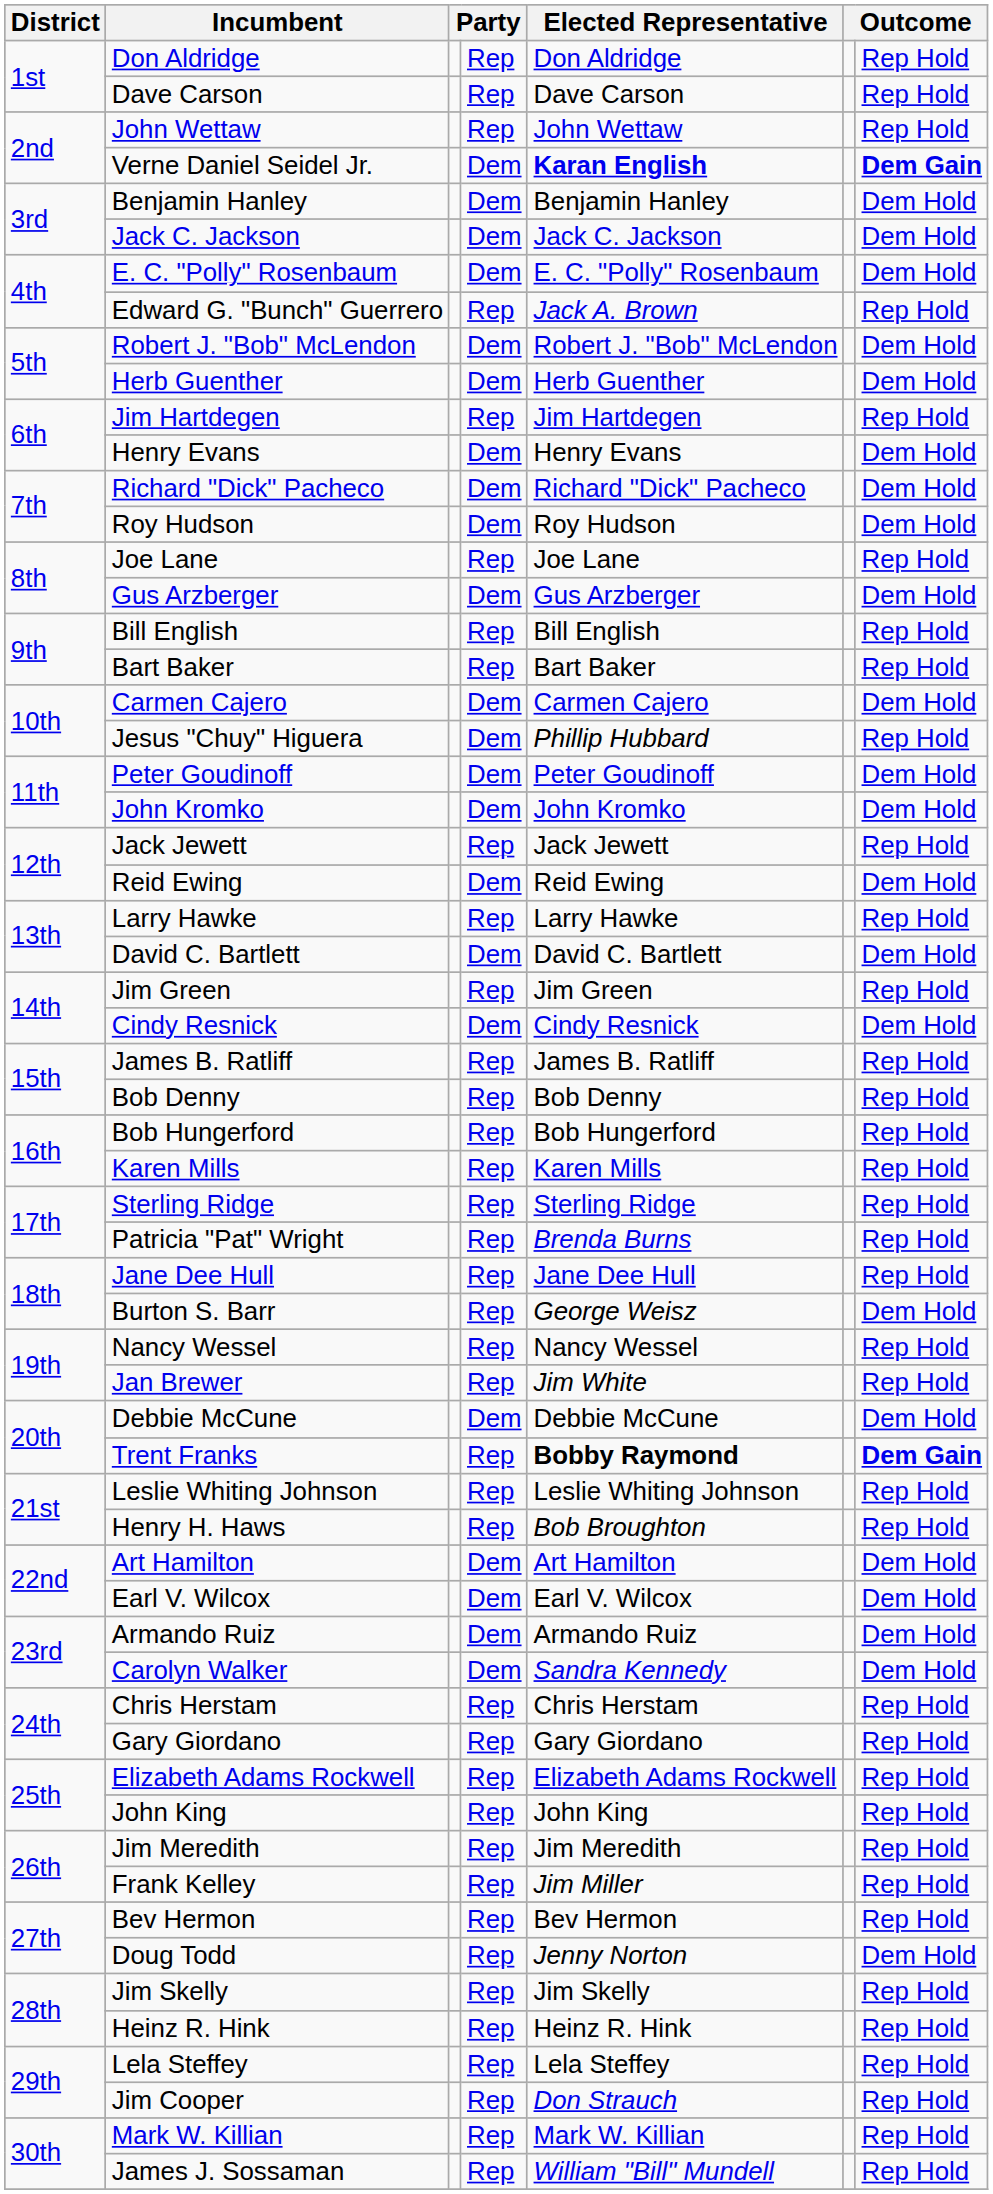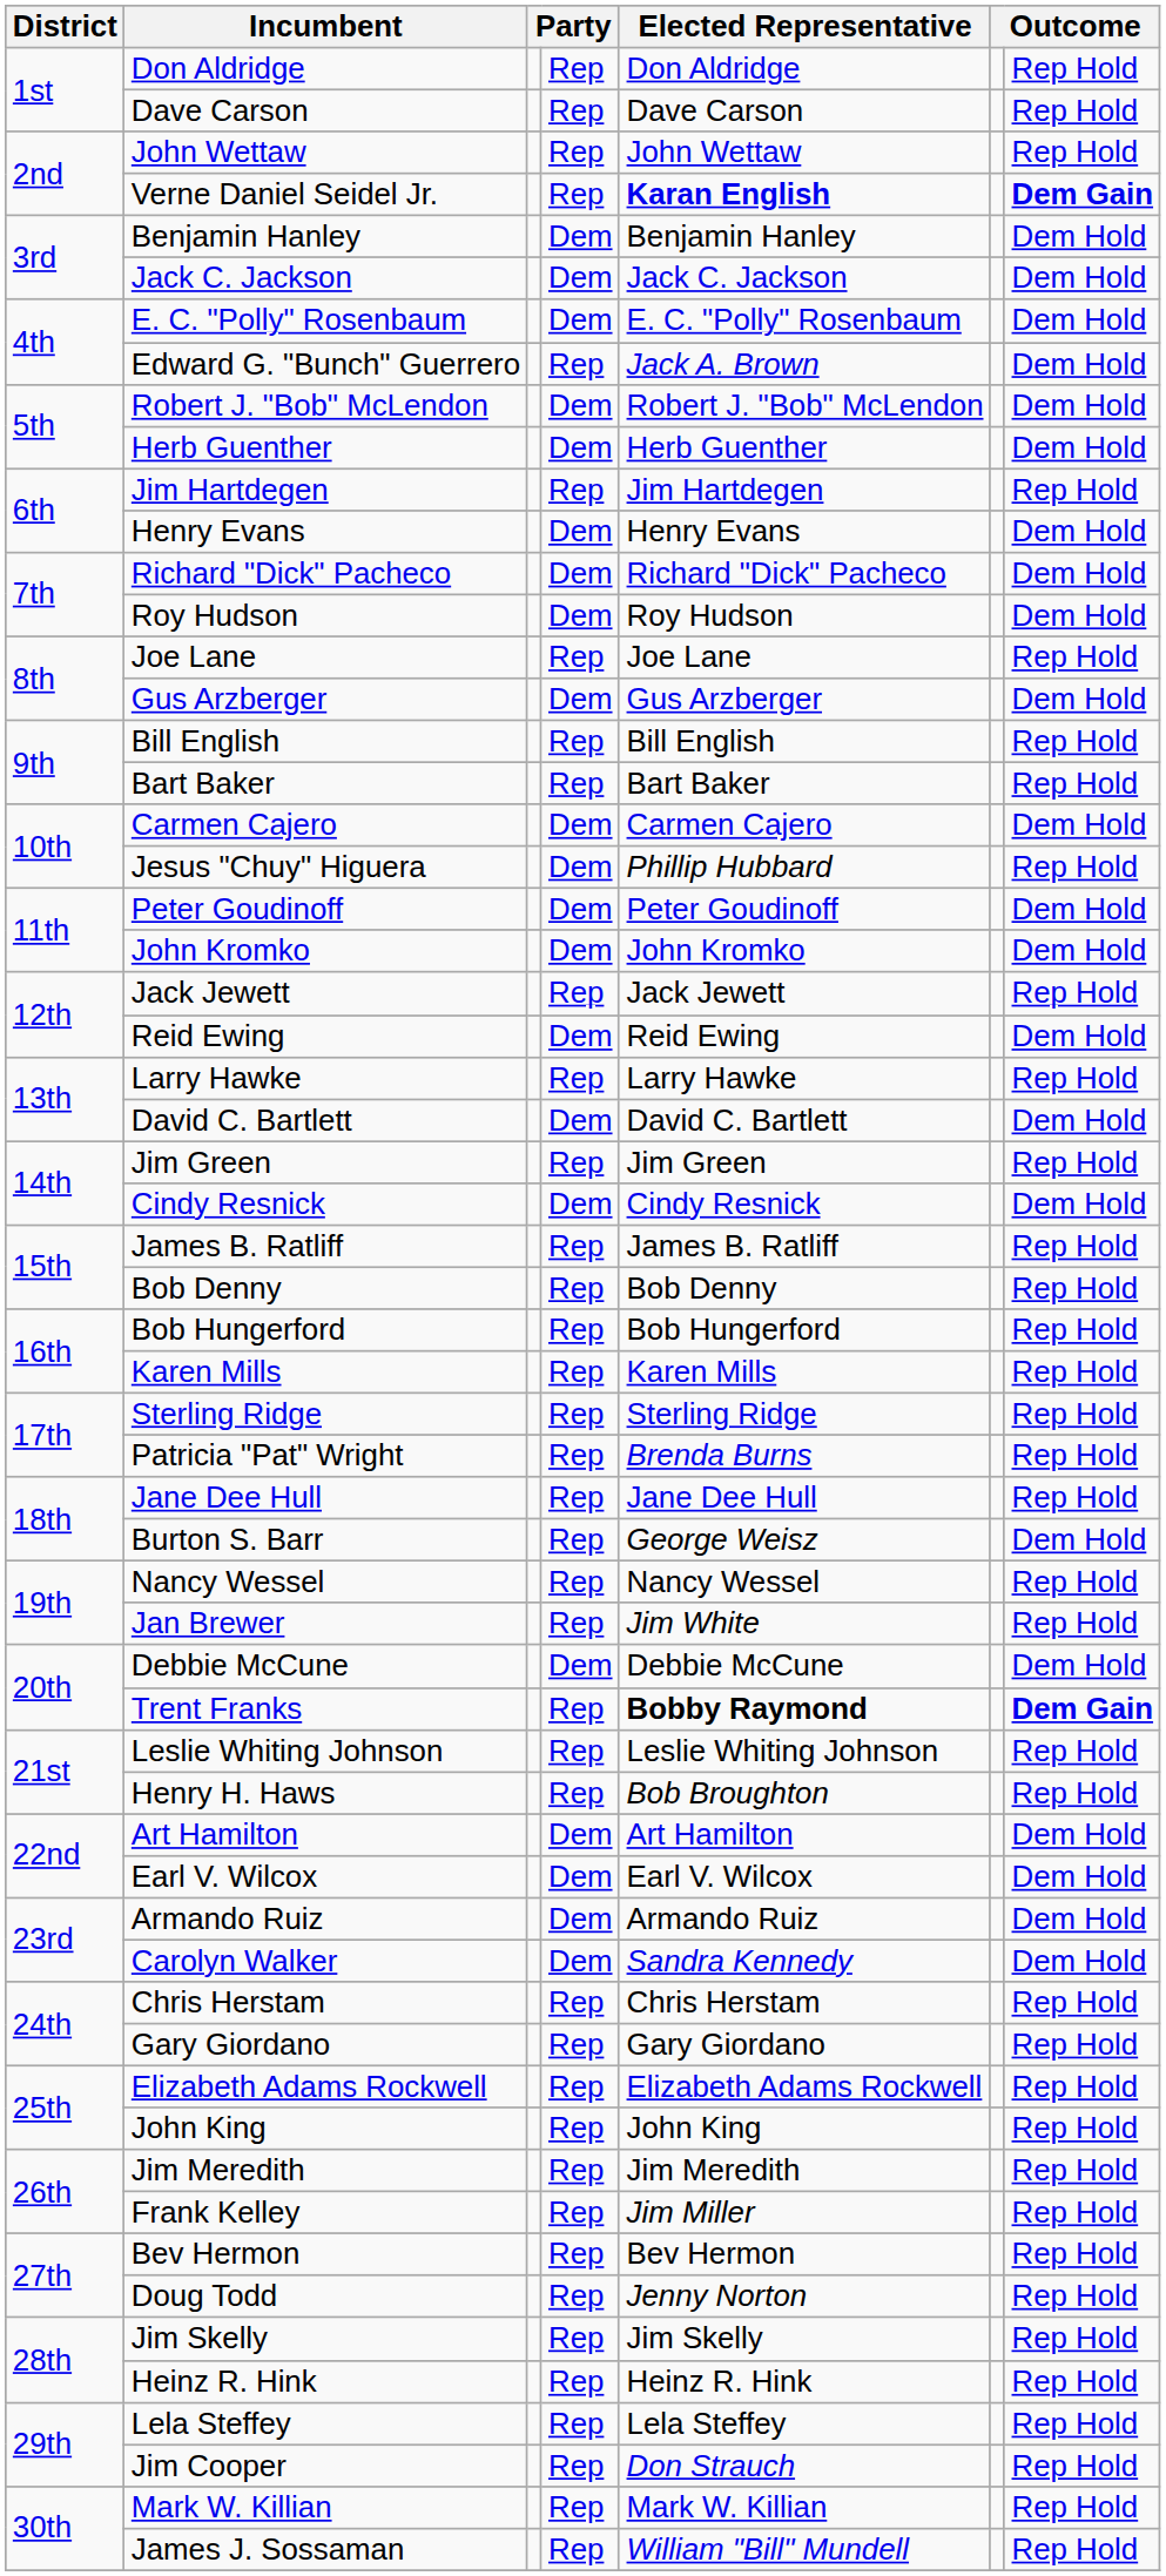 <table class="sortable wikitable" style="font-size:95%;line-height:14px;">
 <tr>
 <th>District</th>
 <th>Incumbent</th>
 <th colspan="2">Party</th>
 <th>Elected Representative</th>
 <th colspan="2">Outcome</th>
 </tr>
 <tr>
 <td rowspan="2"><a href='#'>1st</a></td>
 <td><a href='#'>Don Aldridge</a></td>
 <td style="background:"></td>
 <td><a href='#'>Rep</a></td>
 <td><a href='#'>Don Aldridge</a></td>
 <td style="background:"></td>
 <td><a href='#'>Rep Hold</a></td>
 </tr>
 <tr>
 <td>Dave Carson</td>
 <td style="background:"></td>
 <td><a href='#'>Rep</a></td>
 <td>Dave Carson</td>
 <td style="background:"></td>
 <td><a href='#'>Rep Hold</a></td>
 </tr>
 <tr>
 <td rowspan="2"><a href='#'>2nd</a></td>
 <td><a href='#'>John Wettaw</a></td>
 <td style="background:"></td>
 <td><a href='#'>Rep</a></td>
 <td><a href='#'>John Wettaw</a></td>
 <td style="background:"></td>
 <td><a href='#'>Rep Hold</a></td>
 </tr>
 <tr>
 <td>Verne Daniel Seidel Jr.</td>
 <td style="background:"></td>
-<td><a href='#'>Dem</a></td>
+<td><a href='#'>Rep</a></td>
 <td><strong><a href='#'>Karan English</a></strong></td>
 <td style="background:"></td>
 <td><strong><a href='#'>Dem Gain</a></strong></td>
 </tr>
 <tr>
 <td rowspan="2"><a href='#'>3rd</a></td>
 <td>Benjamin Hanley</td>
 <td style="background:"></td>
 <td><a href='#'>Dem</a></td>
 <td>Benjamin Hanley</td>
 <td style="background:"></td>
 <td><a href='#'>Dem Hold</a></td>
 </tr>
 <tr>
 <td><a href='#'>Jack C. Jackson</a></td>
 <td style="background:"></td>
 <td><a href='#'>Dem</a></td>
 <td><a href='#'>Jack C. Jackson</a></td>
 <td style="background:"></td>
 <td><a href='#'>Dem Hold</a></td>
 </tr>
 <tr>
 <td rowspan="2"><a href='#'>4th</a></td>
 <td><a href='#'>E. C. "Polly" Rosenbaum</a></td>
 <td style="background:"></td>
 <td><a href='#'>Dem</a></td>
 <td><a href='#'>E. C. "Polly" Rosenbaum</a></td>
 <td style="background:"></td>
 <td><a href='#'>Dem Hold</a></td>
 </tr>
 <tr>
 <td>Edward G. "Bunch" Guerrero</td>
 <td style="background:"></td>
 <td><a href='#'>Rep</a></td>
 <td><em><a href='#'>Jack A. Brown</a></em></td>
 <td style="background:"></td>
-<td><a href='#'>Rep Hold</a></td>
+<td><a href='#'>Dem Hold</a></td>
 </tr>
 <tr>
 <td rowspan="2"><a href='#'>5th</a></td>
 <td><a href='#'>Robert J. "Bob" McLendon</a></td>
 <td style="background:"></td>
 <td><a href='#'>Dem</a></td>
 <td><a href='#'>Robert J. "Bob" McLendon</a></td>
 <td style="background:"></td>
 <td><a href='#'>Dem Hold</a></td>
 </tr>
 <tr>
 <td><a href='#'>Herb Guenther</a></td>
 <td style="background:"></td>
 <td><a href='#'>Dem</a></td>
 <td><a href='#'>Herb Guenther</a></td>
 <td style="background:"></td>
 <td><a href='#'>Dem Hold</a></td>
 </tr>
 <tr>
 <td rowspan="2"><a href='#'>6th</a></td>
 <td><a href='#'>Jim Hartdegen</a></td>
 <td style="background:"></td>
 <td><a href='#'>Rep</a></td>
 <td><a href='#'>Jim Hartdegen</a></td>
 <td style="background:"></td>
 <td><a href='#'>Rep Hold</a></td>
 </tr>
 <tr>
 <td>Henry Evans</td>
 <td style="background:"></td>
 <td><a href='#'>Dem</a></td>
 <td>Henry Evans</td>
 <td style="background:"></td>
 <td><a href='#'>Dem Hold</a></td>
 </tr>
 <tr>
 <td rowspan="2"><a href='#'>7th</a></td>
 <td><a href='#'>Richard "Dick" Pacheco</a></td>
 <td style="background:"></td>
 <td><a href='#'>Dem</a></td>
 <td><a href='#'>Richard "Dick" Pacheco</a></td>
 <td style="background:"></td>
 <td><a href='#'>Dem Hold</a></td>
 </tr>
 <tr>
 <td>Roy Hudson</td>
 <td style="background:"></td>
 <td><a href='#'>Dem</a></td>
 <td>Roy Hudson</td>
 <td style="background:"></td>
 <td><a href='#'>Dem Hold</a></td>
 </tr>
 <tr>
 <td rowspan="2"><a href='#'>8th</a></td>
 <td>Joe Lane</td>
 <td style="background:"></td>
 <td><a href='#'>Rep</a></td>
 <td>Joe Lane</td>
 <td style="background:"></td>
 <td><a href='#'>Rep Hold</a></td>
 </tr>
 <tr>
 <td><a href='#'>Gus Arzberger</a></td>
 <td style="background:"></td>
 <td><a href='#'>Dem</a></td>
 <td><a href='#'>Gus Arzberger</a></td>
 <td style="background:"></td>
 <td><a href='#'>Dem Hold</a></td>
 </tr>
 <tr>
 <td rowspan="2"><a href='#'>9th</a></td>
 <td>Bill English</td>
 <td style="background:"></td>
 <td><a href='#'>Rep</a></td>
 <td>Bill English</td>
 <td style="background:"></td>
 <td><a href='#'>Rep Hold</a></td>
 </tr>
 <tr>
 <td>Bart Baker</td>
 <td style="background:"></td>
 <td><a href='#'>Rep</a></td>
 <td>Bart Baker</td>
 <td style="background:"></td>
 <td><a href='#'>Rep Hold</a></td>
 </tr>
 <tr>
 <td rowspan="2"><a href='#'>10th</a></td>
 <td><a href='#'>Carmen Cajero</a></td>
 <td style="background:"></td>
 <td><a href='#'>Dem</a></td>
 <td><a href='#'>Carmen Cajero</a></td>
 <td style="background:"></td>
 <td><a href='#'>Dem Hold</a></td>
 </tr>
 <tr>
 <td>Jesus "Chuy" Higuera</td>
 <td style="background:"></td>
 <td><a href='#'>Dem</a></td>
 <td><em>Phillip Hubbard</em></td>
 <td style="background:"></td>
 <td><a href='#'>Rep Hold</a></td>
 </tr>
 <tr>
 <td rowspan="2"><a href='#'>11th</a></td>
 <td><a href='#'>Peter Goudinoff</a></td>
 <td style="background:"></td>
 <td><a href='#'>Dem</a></td>
 <td><a href='#'>Peter Goudinoff</a></td>
 <td style="background:"></td>
 <td><a href='#'>Dem Hold</a></td>
 </tr>
 <tr>
 <td><a href='#'>John Kromko</a></td>
 <td style="background:"></td>
 <td><a href='#'>Dem</a></td>
 <td><a href='#'>John Kromko</a></td>
 <td style="background:"></td>
 <td><a href='#'>Dem Hold</a></td>
 </tr>
 <tr>
 <td rowspan="2"><a href='#'>12th</a></td>
 <td>Jack Jewett</td>
 <td style="background:"></td>
 <td><a href='#'>Rep</a></td>
 <td>Jack Jewett</td>
 <td style="background:"></td>
 <td><a href='#'>Rep Hold</a></td>
 </tr>
 <tr>
 <td>Reid Ewing</td>
 <td style="background:"></td>
 <td><a href='#'>Dem</a></td>
 <td>Reid Ewing</td>
 <td style="background:"></td>
 <td><a href='#'>Dem Hold</a></td>
 </tr>
 <tr>
 <td rowspan="2"><a href='#'>13th</a></td>
 <td>Larry Hawke</td>
 <td style="background:"></td>
 <td><a href='#'>Rep</a></td>
 <td>Larry Hawke</td>
 <td style="background:"></td>
 <td><a href='#'>Rep Hold</a></td>
 </tr>
 <tr>
 <td>David C. Bartlett</td>
 <td style="background:"></td>
 <td><a href='#'>Dem</a></td>
 <td>David C. Bartlett</td>
 <td style="background:"></td>
 <td><a href='#'>Dem Hold</a></td>
 </tr>
 <tr>
 <td rowspan="2"><a href='#'>14th</a></td>
 <td>Jim Green</td>
 <td style="background:"></td>
 <td><a href='#'>Rep</a></td>
 <td>Jim Green</td>
 <td style="background:"></td>
 <td><a href='#'>Rep Hold</a></td>
 </tr>
 <tr>
 <td><a href='#'>Cindy Resnick</a></td>
 <td style="background:"></td>
 <td><a href='#'>Dem</a></td>
 <td><a href='#'>Cindy Resnick</a></td>
 <td style="background:"></td>
 <td><a href='#'>Dem Hold</a></td>
 </tr>
 <tr>
 <td rowspan="2"><a href='#'>15th</a></td>
 <td>James B. Ratliff</td>
 <td style="background:"></td>
 <td><a href='#'>Rep</a></td>
 <td>James B. Ratliff</td>
 <td style="background:"></td>
 <td><a href='#'>Rep Hold</a></td>
 </tr>
 <tr>
 <td>Bob Denny</td>
 <td style="background:"></td>
 <td><a href='#'>Rep</a></td>
 <td>Bob Denny</td>
 <td style="background:"></td>
 <td><a href='#'>Rep Hold</a></td>
 </tr>
 <tr>
 <td rowspan="2"><a href='#'>16th</a></td>
 <td>Bob Hungerford</td>
 <td style="background:"></td>
 <td><a href='#'>Rep</a></td>
 <td>Bob Hungerford</td>
 <td style="background:"></td>
 <td><a href='#'>Rep Hold</a></td>
 </tr>
 <tr>
 <td><a href='#'>Karen Mills</a></td>
 <td style="background:"></td>
 <td><a href='#'>Rep</a></td>
 <td><a href='#'>Karen Mills</a></td>
 <td style="background:"></td>
 <td><a href='#'>Rep Hold</a></td>
 </tr>
 <tr>
 <td rowspan="2"><a href='#'>17th</a></td>
 <td><a href='#'>Sterling Ridge</a></td>
 <td style="background:"></td>
 <td><a href='#'>Rep</a></td>
 <td><a href='#'>Sterling Ridge</a></td>
 <td style="background:"></td>
 <td><a href='#'>Rep Hold</a></td>
 </tr>
 <tr>
 <td>Patricia "Pat" Wright</td>
 <td style="background:"></td>
 <td><a href='#'>Rep</a></td>
 <td><em><a href='#'>Brenda Burns</a></em></td>
 <td style="background:"></td>
 <td><a href='#'>Rep Hold</a></td>
 </tr>
 <tr>
 <td rowspan="2"><a href='#'>18th</a></td>
 <td><a href='#'>Jane Dee Hull</a></td>
 <td style="background:"></td>
 <td><a href='#'>Rep</a></td>
 <td><a href='#'>Jane Dee Hull</a></td>
 <td style="background:"></td>
 <td><a href='#'>Rep Hold</a></td>
 </tr>
 <tr>
 <td>Burton S. Barr</td>
 <td style="background:"></td>
 <td><a href='#'>Rep</a></td>
 <td><em>George Weisz</em></td>
 <td style="background:"></td>
 <td><a href='#'>Dem Hold</a></td>
 </tr>
 <tr>
 <td rowspan="2"><a href='#'>19th</a></td>
 <td>Nancy Wessel</td>
 <td style="background:"></td>
 <td><a href='#'>Rep</a></td>
 <td>Nancy Wessel</td>
 <td style="background:"></td>
 <td><a href='#'>Rep Hold</a></td>
 </tr>
 <tr>
 <td><a href='#'>Jan Brewer</a></td>
 <td style="background:"></td>
 <td><a href='#'>Rep</a></td>
 <td><em>Jim White</em></td>
 <td style="background:"></td>
 <td><a href='#'>Rep Hold</a></td>
 </tr>
 <tr>
 <td rowspan="2"><a href='#'>20th</a></td>
 <td>Debbie McCune</td>
 <td style="background:"></td>
 <td><a href='#'>Dem</a></td>
 <td>Debbie McCune</td>
 <td style="background:"></td>
 <td><a href='#'>Dem Hold</a></td>
 </tr>
 <tr>
 <td><a href='#'>Trent Franks</a></td>
 <td style="background:"></td>
 <td><a href='#'>Rep</a></td>
 <td><strong>Bobby Raymond</strong></td>
 <td style="background:"></td>
 <td><strong><a href='#'>Dem Gain</a></strong></td>
 </tr>
 <tr>
 <td rowspan="2"><a href='#'>21st</a></td>
 <td>Leslie Whiting Johnson</td>
 <td style="background:"></td>
 <td><a href='#'>Rep</a></td>
 <td>Leslie Whiting Johnson</td>
 <td style="background:"></td>
 <td><a href='#'>Rep Hold</a></td>
 </tr>
 <tr>
 <td>Henry H. Haws</td>
 <td style="background:"></td>
 <td><a href='#'>Rep</a></td>
 <td><em>Bob Broughton</em></td>
 <td style="background:"></td>
 <td><a href='#'>Rep Hold</a></td>
 </tr>
 <tr>
 <td rowspan="2"><a href='#'>22nd</a></td>
 <td><a href='#'>Art Hamilton</a></td>
 <td style="background:"></td>
 <td><a href='#'>Dem</a></td>
 <td><a href='#'>Art Hamilton</a></td>
 <td style="background:"></td>
 <td><a href='#'>Dem Hold</a></td>
 </tr>
 <tr>
 <td>Earl V. Wilcox</td>
 <td style="background:"></td>
 <td><a href='#'>Dem</a></td>
 <td>Earl V. Wilcox</td>
 <td style="background:"></td>
 <td><a href='#'>Dem Hold</a></td>
 </tr>
 <tr>
 <td rowspan="2"><a href='#'>23rd</a></td>
 <td>Armando Ruiz</td>
 <td style="background:"></td>
 <td><a href='#'>Dem</a></td>
 <td>Armando Ruiz</td>
 <td style="background:"></td>
 <td><a href='#'>Dem Hold</a></td>
 </tr>
 <tr>
 <td><a href='#'>Carolyn Walker</a></td>
 <td style="background:"></td>
 <td><a href='#'>Dem</a></td>
 <td><em><a href='#'>Sandra Kennedy</a></em></td>
 <td style="background:"></td>
 <td><a href='#'>Dem Hold</a></td>
 </tr>
 <tr>
 <td rowspan="2"><a href='#'>24th</a></td>
 <td>Chris Herstam</td>
 <td style="background:"></td>
 <td><a href='#'>Rep</a></td>
 <td>Chris Herstam</td>
 <td style="background:"></td>
 <td><a href='#'>Rep Hold</a></td>
 </tr>
 <tr>
 <td>Gary Giordano</td>
 <td style="background:"></td>
 <td><a href='#'>Rep</a></td>
 <td>Gary Giordano</td>
 <td style="background:"></td>
 <td><a href='#'>Rep Hold</a></td>
 </tr>
 <tr>
 <td rowspan="2"><a href='#'>25th</a></td>
 <td><a href='#'>Elizabeth Adams Rockwell</a></td>
 <td style="background:"></td>
 <td><a href='#'>Rep</a></td>
 <td><a href='#'>Elizabeth Adams Rockwell</a></td>
 <td style="background:"></td>
 <td><a href='#'>Rep Hold</a></td>
 </tr>
 <tr>
 <td>John King</td>
 <td style="background:"></td>
 <td><a href='#'>Rep</a></td>
 <td>John King</td>
 <td style="background:"></td>
 <td><a href='#'>Rep Hold</a></td>
 </tr>
 <tr>
 <td rowspan="2"><a href='#'>26th</a></td>
 <td>Jim Meredith</td>
 <td style="background:"></td>
 <td><a href='#'>Rep</a></td>
 <td>Jim Meredith</td>
 <td style="background:"></td>
 <td><a href='#'>Rep Hold</a></td>
 </tr>
 <tr>
 <td>Frank Kelley</td>
 <td style="background:"></td>
 <td><a href='#'>Rep</a></td>
 <td><em>Jim Miller</em></td>
 <td style="background:"></td>
 <td><a href='#'>Rep Hold</a></td>
 </tr>
 <tr>
 <td rowspan="2"><a href='#'>27th</a></td>
 <td>Bev Hermon</td>
 <td style="background:"></td>
 <td><a href='#'>Rep</a></td>
 <td>Bev Hermon</td>
 <td style="background:"></td>
 <td><a href='#'>Rep Hold</a></td>
 </tr>
 <tr>
 <td>Doug Todd</td>
 <td style="background:"></td>
 <td><a href='#'>Rep</a></td>
 <td><em>Jenny Norton</em></td>
 <td style="background:"></td>
-<td><a href='#'>Dem Hold</a></td>
+<td><a href='#'>Rep Hold</a></td>
 </tr>
 <tr>
 <td rowspan="2"><a href='#'>28th</a></td>
 <td>Jim Skelly</td>
 <td style="background:"></td>
 <td><a href='#'>Rep</a></td>
 <td>Jim Skelly</td>
 <td style="background:"></td>
 <td><a href='#'>Rep Hold</a></td>
 </tr>
 <tr>
 <td>Heinz R. Hink</td>
 <td style="background:"></td>
 <td><a href='#'>Rep</a></td>
 <td>Heinz R. Hink</td>
 <td style="background:"></td>
 <td><a href='#'>Rep Hold</a></td>
 </tr>
 <tr>
 <td rowspan="2"><a href='#'>29th</a></td>
 <td>Lela Steffey</td>
 <td style="background:"></td>
 <td><a href='#'>Rep</a></td>
 <td>Lela Steffey</td>
 <td style="background:"></td>
 <td><a href='#'>Rep Hold</a></td>
 </tr>
 <tr>
 <td>Jim Cooper</td>
 <td style="background:"></td>
 <td><a href='#'>Rep</a></td>
 <td><em><a href='#'>Don Strauch</a></em></td>
 <td style="background:"></td>
 <td><a href='#'>Rep Hold</a></td>
 </tr>
 <tr>
 <td rowspan="2"><a href='#'>30th</a></td>
 <td><a href='#'>Mark W. Killian</a></td>
 <td style="background:"></td>
 <td><a href='#'>Rep</a></td>
 <td><a href='#'>Mark W. Killian</a></td>
 <td style="background:"></td>
 <td><a href='#'>Rep Hold</a></td>
 </tr>
 <tr>
 <td>James J. Sossaman</td>
 <td style="background:"></td>
 <td><a href='#'>Rep</a></td>
 <td><em><a href='#'>William "Bill" Mundell</a></em></td>
 <td style="background:"></td>
 <td><a href='#'>Rep Hold</a></td>
 </tr>
 <tr>
 </tr>
 </table>
